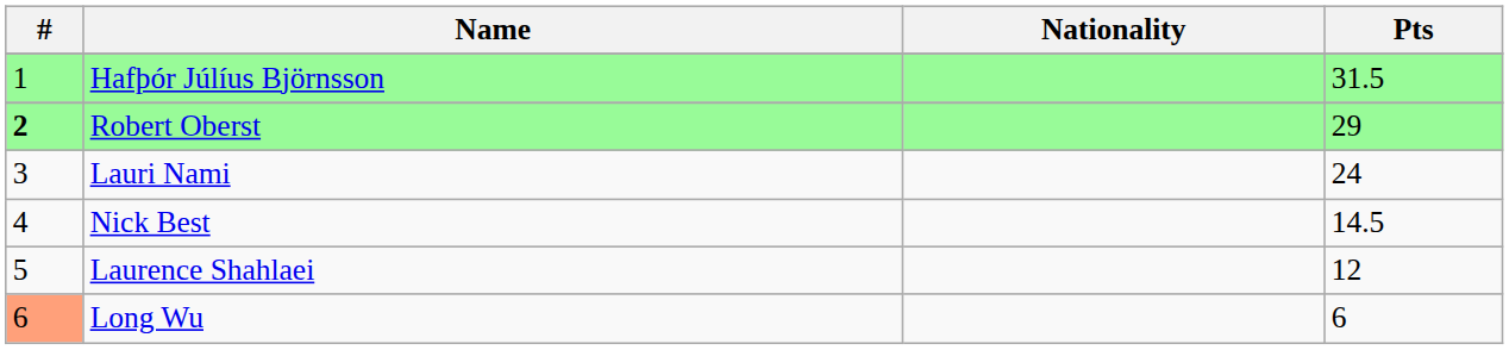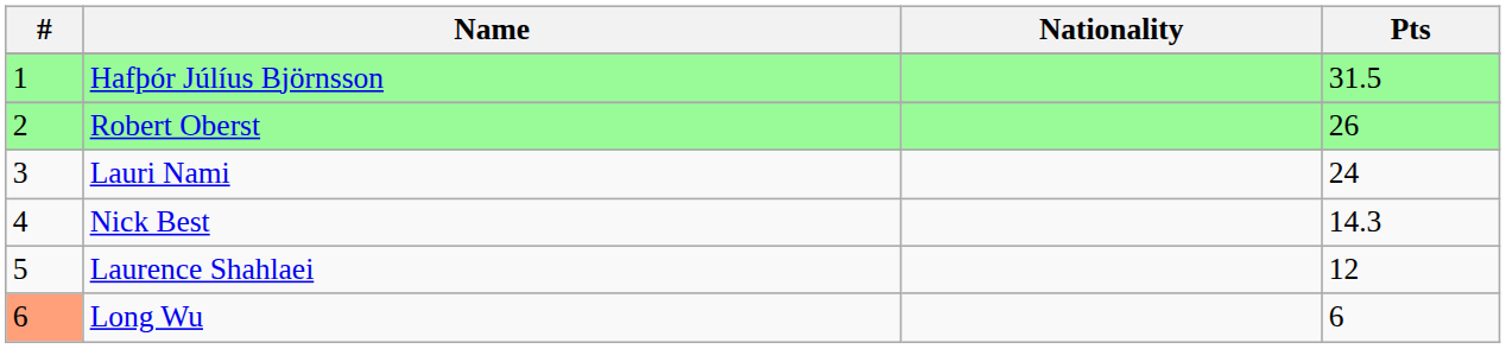 <table class="wikitable" style="display: inline-table; width: 50%;">
 <tr>
 <th>#</th>
 <th>Name</th>
 <th>Nationality</th>
 <th>Pts</th>
 </tr>
 <tr>
 </tr>
 <tr style="background:palegreen;">
 <td>1</td>
 <td><a href='#'>Hafþór Júlíus Björnsson</a></td>
 <td></td>
 <td>31.5</td>
 </tr>
 <tr>
 </tr>
 <tr style="background:palegreen;">
-<td><strong>2</strong></td>
+<td>2</td>
 <td><a href='#'>Robert Oberst</a></td>
 <td></td>
-<td>29</td>
+<td>26</td>
 </tr>
 <tr>
 <td>3</td>
 <td><a href='#'>Lauri Nami</a></td>
 <td></td>
 <td>24</td>
 </tr>
 <tr>
 <td>4</td>
 <td><a href='#'>Nick Best</a></td>
 <td></td>
-<td>14.5</td>
+<td>14.3</td>
 </tr>
 <tr>
 <td>5</td>
 <td><a href='#'>Laurence Shahlaei</a></td>
 <td></td>
 <td>12</td>
 </tr>
 <tr>
 <td style="background: lightsalmon;">6</td>
 <td><a href='#'>Long Wu</a></td>
 <td></td>
 <td>6</td>
 </tr>
 </table>
